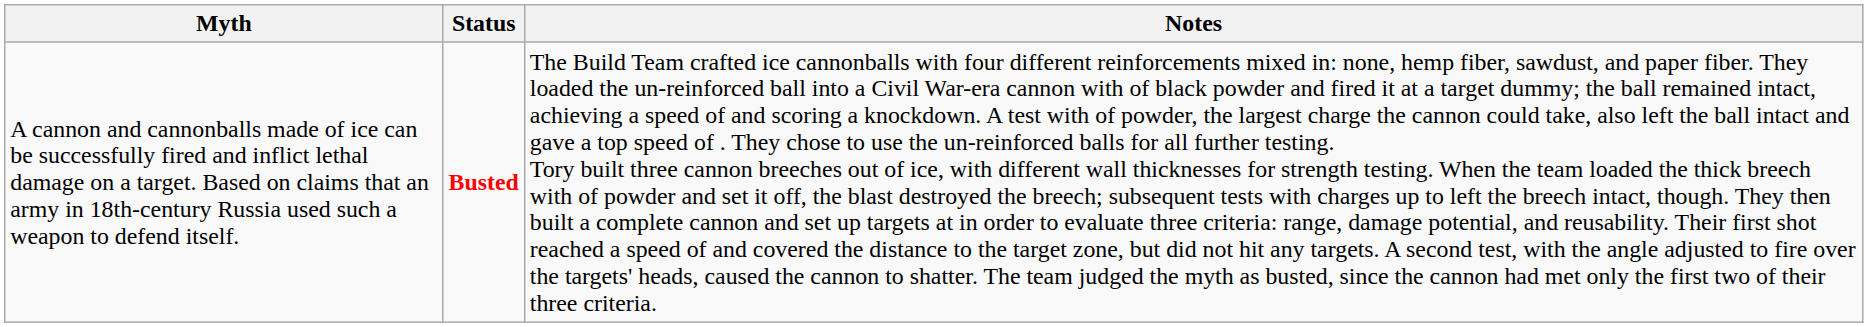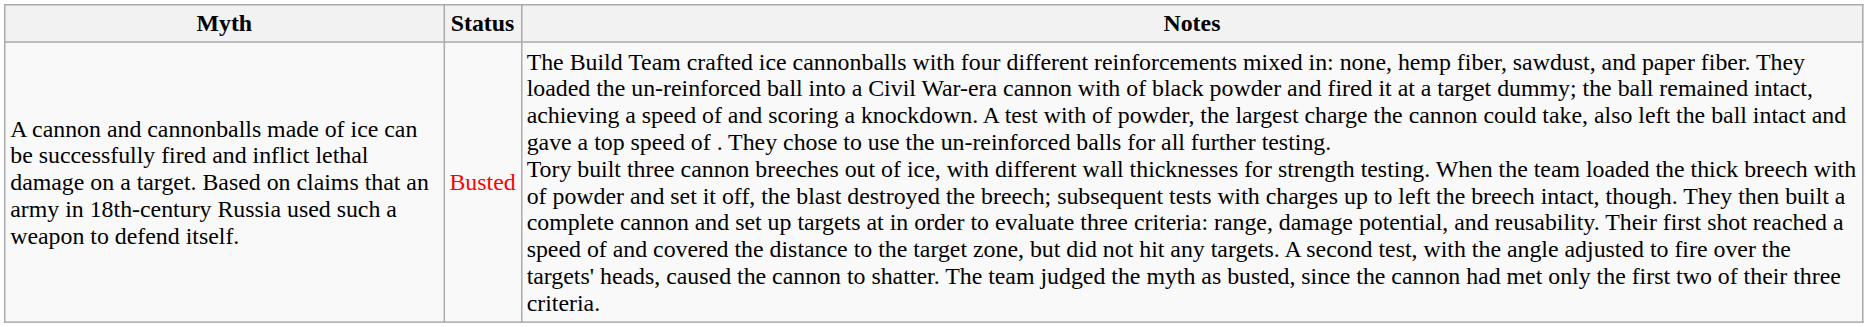 <table class="wikitable plainrowheaders">
 <tr>
 <th scope"col">Myth</th>
 <th scope"col">Status</th>
 <th scope"col">Notes</th>
 </tr>
 <tr>
 <td scope"row">A cannon and cannonballs made of ice can be successfully fired and inflict lethal damage on a target. Based on claims that an army in 18th-century Russia used such a weapon to defend itself.</td>
-<td style="color:red"><strong>Busted</strong></td>
+<td style="color:red">Busted</td>
 <td>The Build Team crafted ice cannonballs with four different reinforcements mixed in: none, hemp fiber, sawdust, and paper fiber. They loaded the un-reinforced ball into a Civil War-era cannon with  of black powder and fired it at a target dummy; the ball remained intact, achieving a speed of   and scoring a knockdown. A test with  of powder, the largest charge the cannon could take, also left the ball intact and gave a top speed of . They chose to use the un-reinforced balls for all further testing.<br>Tory built three cannon breeches out of ice, with different wall thicknesses for strength testing. When the team loaded the  thick breech with  of powder and set it off, the blast destroyed the breech; subsequent tests with charges up to  left the breech intact, though. They then built a complete cannon and set up targets at  in order to evaluate three criteria: range, damage potential, and reusability. Their first shot reached a speed of  and covered the distance to the target zone, but did not hit any targets. A second test, with the angle adjusted to fire over the targets' heads, caused the cannon to shatter. The team judged the myth as busted, since the cannon had met only the first two of their three criteria.</td>
 </tr>
 </table>
